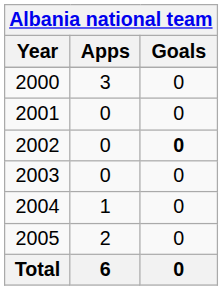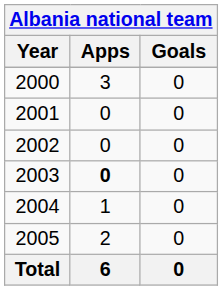 <table class="wikitable" style="text-align:center">
 <tr>
 <th colspan=3><a href='#'>Albania national team</a></th>
 </tr>
 <tr>
 <th>Year</th>
 <th>Apps</th>
 <th>Goals</th>
 </tr>
 <tr>
 </tr>
 <tr>
 <td>2000</td>
 <td>3</td>
 <td>0</td>
 </tr>
 <tr>
 <td>2001</td>
 <td>0</td>
 <td>0</td>
 </tr>
 <tr>
 <td>2002</td>
 <td>0</td>
-<td><strong>0</strong></td>
+<td>0</td>
 </tr>
 <tr>
 <td>2003</td>
-<td>0</td>
+<td><strong>0</strong></td>
 <td>0</td>
 </tr>
 <tr>
 <td>2004</td>
 <td>1</td>
 <td>0</td>
 </tr>
 <tr>
 <td>2005</td>
 <td>2</td>
 <td>0</td>
 </tr>
 <tr>
 <th>Total</th>
 <th>6</th>
 <th>0</th>
 </tr>
 </table>
